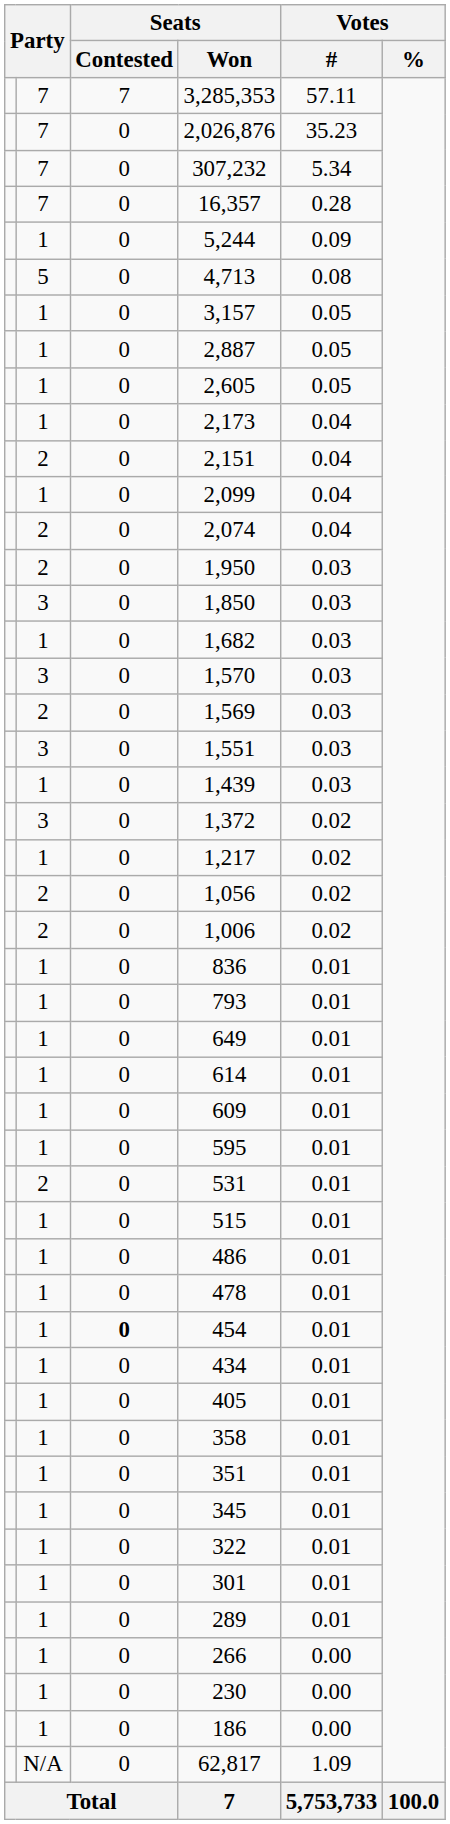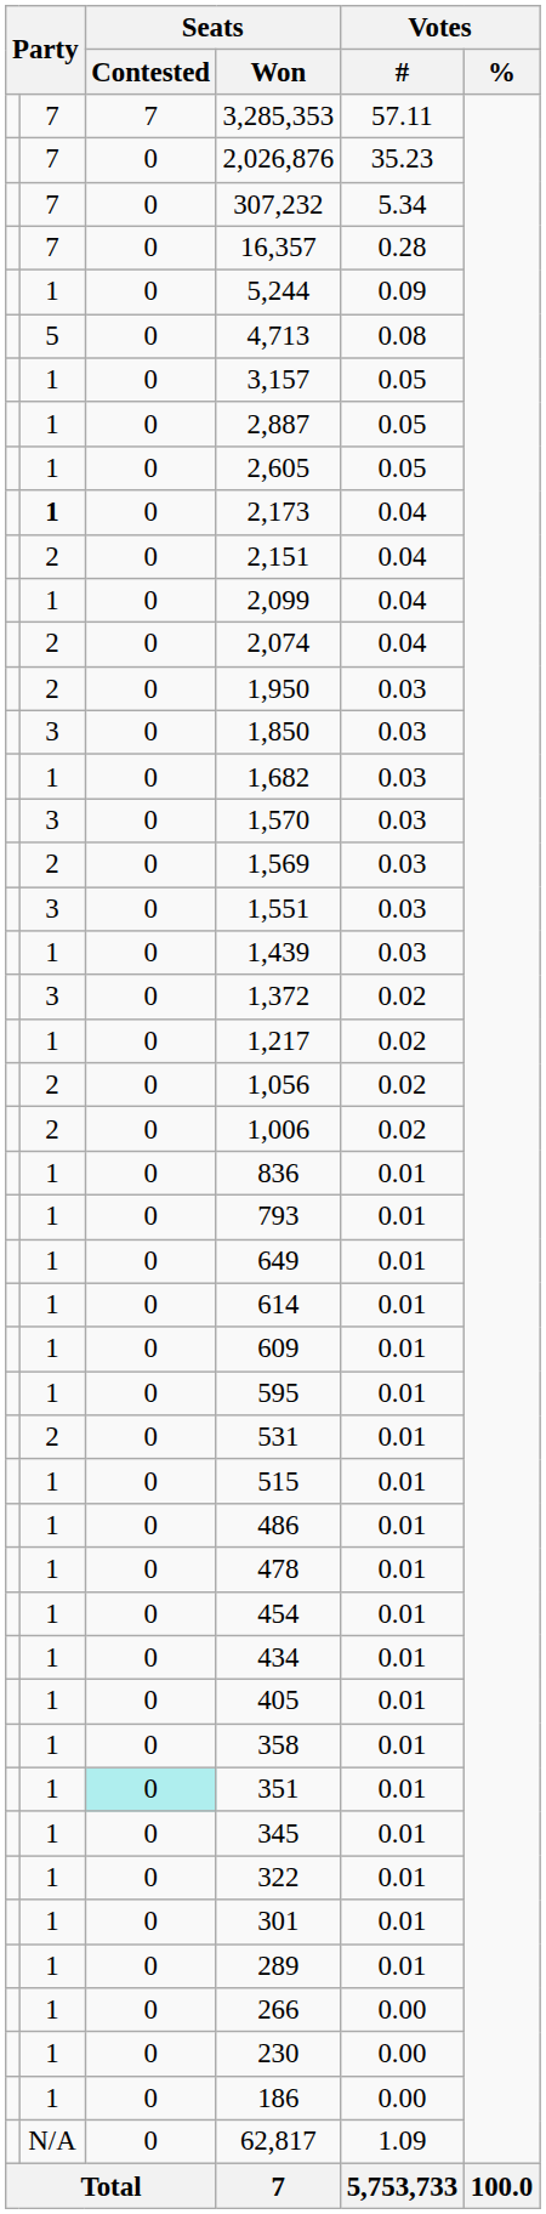 <table class="wikitable" style="text-align: center">
 <tr>
 <th colspan="2" rowspan="2">Party</th>
 <th colspan="2">Seats</th>
 <th colspan="2">Votes</th>
 </tr>
 <tr>
 <th>Contested</th>
 <th>Won</th>
 <th>#</th>
 <th>%</th>
 </tr>
 <tr>
 <td></td>
 <td>7</td>
 <td>7</td>
 <td>3,285,353</td>
 <td>57.11</td>
 </tr>
 <tr>
 <td></td>
 <td>7</td>
 <td>0</td>
 <td>2,026,876</td>
 <td>35.23</td>
 </tr>
 <tr>
 <td></td>
 <td>7</td>
 <td>0</td>
 <td>307,232</td>
 <td>5.34</td>
 </tr>
 <tr>
 <td></td>
 <td>7</td>
 <td>0</td>
 <td>16,357</td>
 <td>0.28</td>
 </tr>
 <tr>
 <td></td>
 <td>1</td>
 <td>0</td>
 <td>5,244</td>
 <td>0.09</td>
 </tr>
 <tr>
 <td></td>
 <td>5</td>
 <td>0</td>
 <td>4,713</td>
 <td>0.08</td>
 </tr>
 <tr>
 <td></td>
 <td>1</td>
 <td>0</td>
 <td>3,157</td>
 <td>0.05</td>
 </tr>
 <tr>
 <td></td>
 <td>1</td>
 <td>0</td>
 <td>2,887</td>
 <td>0.05</td>
 </tr>
 <tr>
 <td></td>
 <td>1</td>
 <td>0</td>
 <td>2,605</td>
 <td>0.05</td>
 </tr>
 <tr>
 <td></td>
-<td>1</td>
+<td><strong>1</strong></td>
 <td>0</td>
 <td>2,173</td>
 <td>0.04</td>
 </tr>
 <tr>
 <td></td>
 <td>2</td>
 <td>0</td>
 <td>2,151</td>
 <td>0.04</td>
 </tr>
 <tr>
 <td></td>
 <td>1</td>
 <td>0</td>
 <td>2,099</td>
 <td>0.04</td>
 </tr>
 <tr>
 <td></td>
 <td>2</td>
 <td>0</td>
 <td>2,074</td>
 <td>0.04</td>
 </tr>
 <tr>
 <td></td>
 <td>2</td>
 <td>0</td>
 <td>1,950</td>
 <td>0.03</td>
 </tr>
 <tr>
 <td></td>
 <td>3</td>
 <td>0</td>
 <td>1,850</td>
 <td>0.03</td>
 </tr>
 <tr>
 <td></td>
 <td>1</td>
 <td>0</td>
 <td>1,682</td>
 <td>0.03</td>
 </tr>
 <tr>
 <td></td>
 <td>3</td>
 <td>0</td>
 <td>1,570</td>
 <td>0.03</td>
 </tr>
 <tr>
 <td></td>
 <td>2</td>
 <td>0</td>
 <td>1,569</td>
 <td>0.03</td>
 </tr>
 <tr>
 <td></td>
 <td>3</td>
 <td>0</td>
 <td>1,551</td>
 <td>0.03</td>
 </tr>
 <tr>
 <td></td>
 <td>1</td>
 <td>0</td>
 <td>1,439</td>
 <td>0.03</td>
 </tr>
 <tr>
 <td></td>
 <td>3</td>
 <td>0</td>
 <td>1,372</td>
 <td>0.02</td>
 </tr>
 <tr>
 <td></td>
 <td>1</td>
 <td>0</td>
 <td>1,217</td>
 <td>0.02</td>
 </tr>
 <tr>
 <td></td>
 <td>2</td>
 <td>0</td>
 <td>1,056</td>
 <td>0.02</td>
 </tr>
 <tr>
 <td></td>
 <td>2</td>
 <td>0</td>
 <td>1,006</td>
 <td>0.02</td>
 </tr>
 <tr>
 <td></td>
 <td>1</td>
 <td>0</td>
 <td>836</td>
 <td>0.01</td>
 </tr>
 <tr>
 <td></td>
 <td>1</td>
 <td>0</td>
 <td>793</td>
 <td>0.01</td>
 </tr>
 <tr>
 <td></td>
 <td>1</td>
 <td>0</td>
 <td>649</td>
 <td>0.01</td>
 </tr>
 <tr>
 <td></td>
 <td>1</td>
 <td>0</td>
 <td>614</td>
 <td>0.01</td>
 </tr>
 <tr>
 <td></td>
 <td>1</td>
 <td>0</td>
 <td>609</td>
 <td>0.01</td>
 </tr>
 <tr>
 <td></td>
 <td>1</td>
 <td>0</td>
 <td>595</td>
 <td>0.01</td>
 </tr>
 <tr>
 <td></td>
 <td>2</td>
 <td>0</td>
 <td>531</td>
 <td>0.01</td>
 </tr>
 <tr>
 <td></td>
 <td>1</td>
 <td>0</td>
 <td>515</td>
 <td>0.01</td>
 </tr>
 <tr>
 <td></td>
 <td>1</td>
 <td>0</td>
 <td>486</td>
 <td>0.01</td>
 </tr>
 <tr>
 <td></td>
 <td>1</td>
 <td>0</td>
 <td>478</td>
 <td>0.01</td>
 </tr>
 <tr>
 <td></td>
 <td>1</td>
-<td><strong>0</strong></td>
+<td>0</td>
 <td>454</td>
 <td>0.01</td>
 </tr>
 <tr>
 <td></td>
 <td>1</td>
 <td>0</td>
 <td>434</td>
 <td>0.01</td>
 </tr>
 <tr>
 <td></td>
 <td>1</td>
 <td>0</td>
 <td>405</td>
 <td>0.01</td>
 </tr>
 <tr>
 <td></td>
 <td>1</td>
 <td>0</td>
 <td>358</td>
 <td>0.01</td>
 </tr>
 <tr>
 <td></td>
 <td>1</td>
-<td>0</td>
+<td style="background: paleturquoise;">0</td>
 <td>351</td>
 <td>0.01</td>
 </tr>
 <tr>
 <td></td>
 <td>1</td>
 <td>0</td>
 <td>345</td>
 <td>0.01</td>
 </tr>
 <tr>
 <td></td>
 <td>1</td>
 <td>0</td>
 <td>322</td>
 <td>0.01</td>
 </tr>
 <tr>
 <td></td>
 <td>1</td>
 <td>0</td>
 <td>301</td>
 <td>0.01</td>
 </tr>
 <tr>
 <td></td>
 <td>1</td>
 <td>0</td>
 <td>289</td>
 <td>0.01</td>
 </tr>
 <tr>
 <td></td>
 <td>1</td>
 <td>0</td>
 <td>266</td>
 <td>0.00</td>
 </tr>
 <tr>
 <td></td>
 <td>1</td>
 <td>0</td>
 <td>230</td>
 <td>0.00</td>
 </tr>
 <tr>
 <td></td>
 <td>1</td>
 <td>0</td>
 <td>186</td>
 <td>0.00</td>
 </tr>
 <tr>
 <td></td>
 <td>N/A</td>
 <td>0</td>
 <td>62,817</td>
 <td>1.09</td>
 </tr>
 <tr>
 <th colspan="3">Total</th>
 <th>7</th>
 <th>5,753,733</th>
 <th>100.0</th>
 </tr>
 </table>
